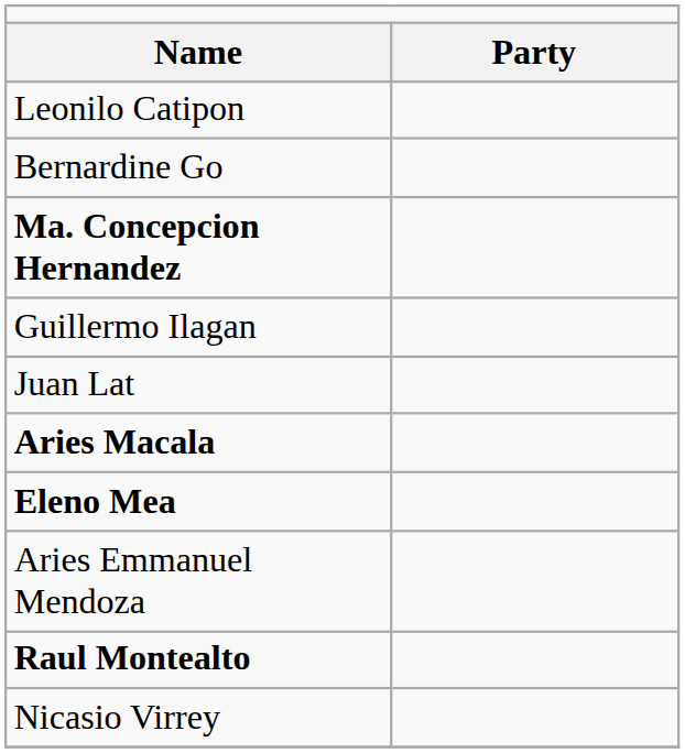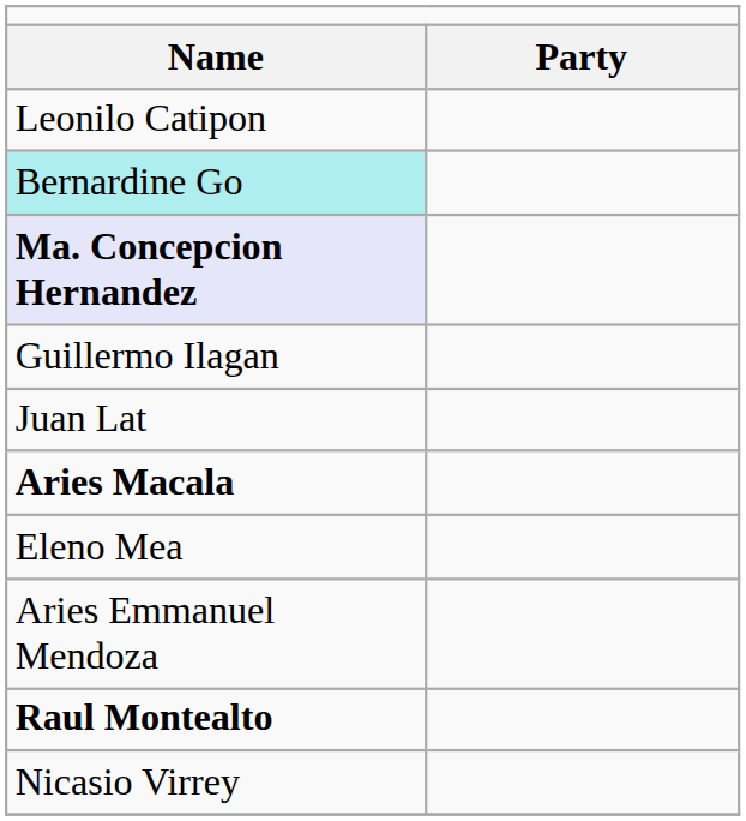 <table class=wikitable style="font-size:90%">
 <tr>
 <td colspan=4 bgcolor=></td>
 </tr>
 <tr>
 <th width=150px>Name</th>
 <th colspan=2 width=110px>Party</th>
 </tr>
 <tr>
 <td>Leonilo Catipon</td>
 <td></td>
 </tr>
 <tr>
-<td>Bernardine Go</td>
+<td style="background: paleturquoise;">Bernardine Go</td>
 <td></td>
 </tr>
 <tr>
-<td><strong>Ma. Concepcion Hernandez</strong></td>
+<td style="background: lavender;"><strong>Ma. Concepcion Hernandez</strong></td>
 <td></td>
 </tr>
 <tr>
 <td>Guillermo Ilagan</td>
 <td></td>
 </tr>
 <tr>
 <td>Juan Lat</td>
 <td></td>
 </tr>
 <tr>
 <td><strong>Aries Macala</strong></td>
 <td></td>
 </tr>
 <tr>
-<td><strong>Eleno Mea</strong></td>
+<td>Eleno Mea</td>
 <td></td>
 </tr>
 <tr>
 <td>Aries Emmanuel Mendoza</td>
 <td></td>
 </tr>
 <tr>
 <td><strong>Raul Montealto</strong></td>
 <td></td>
 </tr>
 <tr>
 <td>Nicasio Virrey</td>
 <td></td>
 </tr>
 <tr>
 </tr>
 </table>
